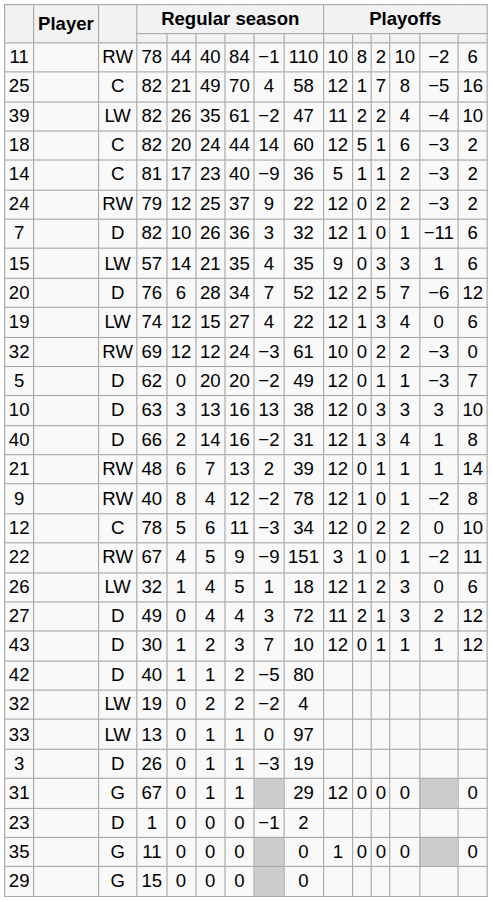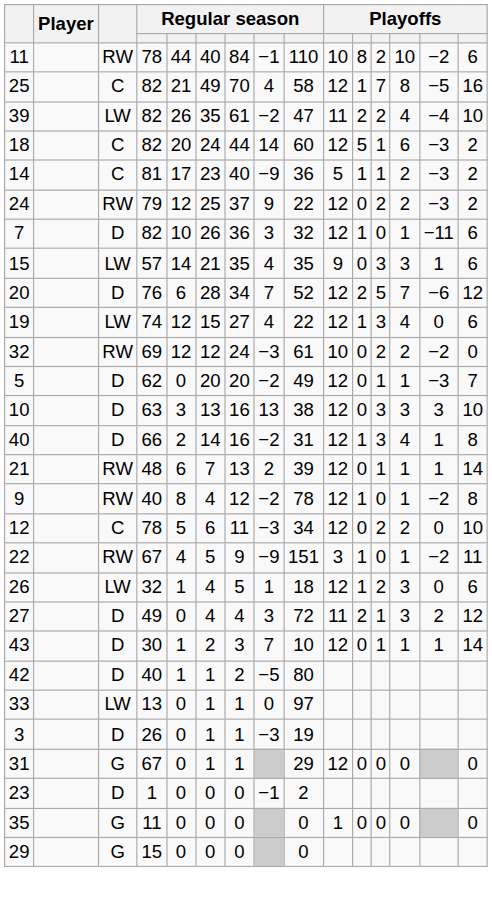 <table class="wikitable sortable plainrowheaders" style="text-align:center;">
 <tr>
 <th scope="col" data-sort-type="number" rowspan="2"></th>
 <th scope="col" rowspan="2">Player</th>
 <th scope="col" rowspan="2"></th>
 <th scope=colgroup colspan=6>Regular season</th>
 <th scope=colgroup colspan=6>Playoffs</th>
 </tr>
 <tr>
 <th scope="col" data-sort-type="number"></th>
 <th scope="col" data-sort-type="number"></th>
 <th scope="col" data-sort-type="number"></th>
 <th scope="col" data-sort-type="number"></th>
 <th scope="col" data-sort-type="number"></th>
 <th scope="col" data-sort-type="number"></th>
 <th scope="col" data-sort-type="number"></th>
 <th scope="col" data-sort-type="number"></th>
 <th scope="col" data-sort-type="number"></th>
 <th scope="col" data-sort-type="number"></th>
 <th scope="col" data-sort-type="number"></th>
 <th scope="col" data-sort-type="number"></th>
 </tr>
 <tr>
 <td scope="row">11</td>
 <td align="left"></td>
 <td>RW</td>
 <td>78</td>
 <td>44</td>
 <td>40</td>
 <td>84</td>
 <td>−1</td>
 <td>110</td>
 <td>10</td>
 <td>8</td>
 <td>2</td>
 <td>10</td>
 <td>−2</td>
 <td>6</td>
 </tr>
 <tr>
 <td scope="row">25</td>
 <td align="left"></td>
 <td>C</td>
 <td>82</td>
 <td>21</td>
 <td>49</td>
 <td>70</td>
 <td>4</td>
 <td>58</td>
 <td>12</td>
 <td>1</td>
 <td>7</td>
 <td>8</td>
 <td>−5</td>
 <td>16</td>
 </tr>
 <tr>
 <td scope="row">39</td>
 <td align="left"></td>
 <td>LW</td>
 <td>82</td>
 <td>26</td>
 <td>35</td>
 <td>61</td>
 <td>−2</td>
 <td>47</td>
 <td>11</td>
 <td>2</td>
 <td>2</td>
 <td>4</td>
 <td>−4</td>
 <td>10</td>
 </tr>
 <tr>
 <td scope="row">18</td>
 <td align="left"></td>
 <td>C</td>
 <td>82</td>
 <td>20</td>
 <td>24</td>
 <td>44</td>
 <td>14</td>
 <td>60</td>
 <td>12</td>
 <td>5</td>
 <td>1</td>
 <td>6</td>
 <td>−3</td>
 <td>2</td>
 </tr>
 <tr>
 <td scope="row">14</td>
 <td align="left"></td>
 <td>C</td>
 <td>81</td>
 <td>17</td>
 <td>23</td>
 <td>40</td>
 <td>−9</td>
 <td>36</td>
 <td>5</td>
 <td>1</td>
 <td>1</td>
 <td>2</td>
 <td>−3</td>
 <td>2</td>
 </tr>
 <tr>
 <td scope="row">24</td>
 <td align="left"></td>
 <td>RW</td>
 <td>79</td>
 <td>12</td>
 <td>25</td>
 <td>37</td>
 <td>9</td>
 <td>22</td>
 <td>12</td>
 <td>0</td>
 <td>2</td>
 <td>2</td>
 <td>−3</td>
 <td>2</td>
 </tr>
 <tr>
 <td scope="row">7</td>
 <td align="left"></td>
 <td>D</td>
 <td>82</td>
 <td>10</td>
 <td>26</td>
 <td>36</td>
 <td>3</td>
 <td>32</td>
 <td>12</td>
 <td>1</td>
 <td>0</td>
 <td>1</td>
 <td>−11</td>
 <td>6</td>
 </tr>
 <tr>
 <td scope="row">15</td>
 <td align="left"></td>
 <td>LW</td>
 <td>57</td>
 <td>14</td>
 <td>21</td>
 <td>35</td>
 <td>4</td>
 <td>35</td>
 <td>9</td>
 <td>0</td>
 <td>3</td>
 <td>3</td>
 <td>1</td>
 <td>6</td>
 </tr>
 <tr>
 <td scope="row">20</td>
 <td align="left"></td>
 <td>D</td>
 <td>76</td>
 <td>6</td>
 <td>28</td>
 <td>34</td>
 <td>7</td>
 <td>52</td>
 <td>12</td>
 <td>2</td>
 <td>5</td>
 <td>7</td>
 <td>−6</td>
 <td>12</td>
 </tr>
 <tr>
 <td scope="row">19</td>
 <td align="left"></td>
 <td>LW</td>
 <td>74</td>
 <td>12</td>
 <td>15</td>
 <td>27</td>
 <td>4</td>
 <td>22</td>
 <td>12</td>
 <td>1</td>
 <td>3</td>
 <td>4</td>
 <td>0</td>
 <td>6</td>
 </tr>
 <tr>
 <td scope="row">32</td>
 <td align="left"></td>
 <td>RW</td>
 <td>69</td>
 <td>12</td>
 <td>12</td>
 <td>24</td>
 <td>−3</td>
 <td>61</td>
 <td>10</td>
 <td>0</td>
 <td>2</td>
 <td>2</td>
-<td>−3</td>
+<td>−2</td>
 <td>0</td>
 </tr>
 <tr>
 <td scope="row">5</td>
 <td align="left"></td>
 <td>D</td>
 <td>62</td>
 <td>0</td>
 <td>20</td>
 <td>20</td>
 <td>−2</td>
 <td>49</td>
 <td>12</td>
 <td>0</td>
 <td>1</td>
 <td>1</td>
 <td>−3</td>
 <td>7</td>
 </tr>
 <tr>
 <td scope="row">10</td>
 <td align="left"></td>
 <td>D</td>
 <td>63</td>
 <td>3</td>
 <td>13</td>
 <td>16</td>
 <td>13</td>
 <td>38</td>
 <td>12</td>
 <td>0</td>
 <td>3</td>
 <td>3</td>
 <td>3</td>
 <td>10</td>
 </tr>
 <tr>
 <td scope="row">40</td>
 <td align="left"></td>
 <td>D</td>
 <td>66</td>
 <td>2</td>
 <td>14</td>
 <td>16</td>
 <td>−2</td>
 <td>31</td>
 <td>12</td>
 <td>1</td>
 <td>3</td>
 <td>4</td>
 <td>1</td>
 <td>8</td>
 </tr>
 <tr>
 <td scope="row">21</td>
 <td align="left"></td>
 <td>RW</td>
 <td>48</td>
 <td>6</td>
 <td>7</td>
 <td>13</td>
 <td>2</td>
 <td>39</td>
 <td>12</td>
 <td>0</td>
 <td>1</td>
 <td>1</td>
 <td>1</td>
 <td>14</td>
 </tr>
 <tr>
 <td scope="row">9</td>
 <td align="left"></td>
 <td>RW</td>
 <td>40</td>
 <td>8</td>
 <td>4</td>
 <td>12</td>
 <td>−2</td>
 <td>78</td>
 <td>12</td>
 <td>1</td>
 <td>0</td>
 <td>1</td>
 <td>−2</td>
 <td>8</td>
 </tr>
 <tr>
 <td scope="row">12</td>
 <td align="left"></td>
 <td>C</td>
 <td>78</td>
 <td>5</td>
 <td>6</td>
 <td>11</td>
 <td>−3</td>
 <td>34</td>
 <td>12</td>
 <td>0</td>
 <td>2</td>
 <td>2</td>
 <td>0</td>
 <td>10</td>
 </tr>
 <tr>
 <td scope="row">22</td>
 <td align="left"></td>
 <td>RW</td>
 <td>67</td>
 <td>4</td>
 <td>5</td>
 <td>9</td>
 <td>−9</td>
 <td>151</td>
 <td>3</td>
 <td>1</td>
 <td>0</td>
 <td>1</td>
 <td>−2</td>
 <td>11</td>
 </tr>
 <tr>
 <td scope="row">26</td>
 <td align="left"></td>
 <td>LW</td>
 <td>32</td>
 <td>1</td>
 <td>4</td>
 <td>5</td>
 <td>1</td>
 <td>18</td>
 <td>12</td>
 <td>1</td>
 <td>2</td>
 <td>3</td>
 <td>0</td>
 <td>6</td>
 </tr>
 <tr>
 <td scope="row">27</td>
 <td align="left"></td>
 <td>D</td>
 <td>49</td>
 <td>0</td>
 <td>4</td>
 <td>4</td>
 <td>3</td>
 <td>72</td>
 <td>11</td>
 <td>2</td>
 <td>1</td>
 <td>3</td>
 <td>2</td>
 <td>12</td>
 </tr>
 <tr>
 <td scope="row">43</td>
 <td align="left"></td>
 <td>D</td>
 <td>30</td>
 <td>1</td>
 <td>2</td>
 <td>3</td>
 <td>7</td>
 <td>10</td>
 <td>12</td>
 <td>0</td>
 <td>1</td>
 <td>1</td>
 <td>1</td>
-<td>12</td>
+<td>14</td>
 </tr>
 <tr>
 <td scope="row">42</td>
 <td align="left"></td>
 <td>D</td>
 <td>40</td>
 <td>1</td>
 <td>1</td>
 <td>2</td>
 <td>−5</td>
 <td>80</td>
-<td></td>
-<td></td>
-<td></td>
-<td></td>
-<td></td>
-<td></td>
-</tr>
-<tr>
-<td scope="row">32</td>
-<td align="left"></td>
-<td>LW</td>
-<td>19</td>
-<td>0</td>
-<td>2</td>
-<td>2</td>
-<td>−2</td>
-<td>4</td>
 <td></td>
 <td></td>
 <td></td>
 <td></td>
 <td></td>
 <td></td>
 </tr>
 <tr>
 <td scope="row">33</td>
 <td align="left"></td>
 <td>LW</td>
 <td>13</td>
 <td>0</td>
 <td>1</td>
 <td>1</td>
 <td>0</td>
 <td>97</td>
 <td></td>
 <td></td>
 <td></td>
 <td></td>
 <td></td>
 <td></td>
 </tr>
 <tr>
 <td scope="row">3</td>
 <td align="left"></td>
 <td>D</td>
 <td>26</td>
 <td>0</td>
 <td>1</td>
 <td>1</td>
 <td>−3</td>
 <td>19</td>
 <td></td>
 <td></td>
 <td></td>
 <td></td>
 <td></td>
 <td></td>
 </tr>
 <tr>
 <td scope="row">31</td>
 <td align="left"></td>
 <td>G</td>
 <td>67</td>
 <td>0</td>
 <td>1</td>
 <td>1</td>
 <td style="background:#ccc"></td>
 <td>29</td>
 <td>12</td>
 <td>0</td>
 <td>0</td>
 <td>0</td>
 <td style="background:#ccc"></td>
 <td>0</td>
 </tr>
 <tr>
 <td scope="row">23</td>
 <td align="left"></td>
 <td>D</td>
 <td>1</td>
 <td>0</td>
 <td>0</td>
 <td>0</td>
 <td>−1</td>
 <td>2</td>
 <td></td>
 <td></td>
 <td></td>
 <td></td>
 <td></td>
 <td></td>
 </tr>
 <tr>
 <td scope="row">35</td>
 <td align="left"></td>
 <td>G</td>
 <td>11</td>
 <td>0</td>
 <td>0</td>
 <td>0</td>
 <td style="background:#ccc"></td>
 <td>0</td>
 <td>1</td>
 <td>0</td>
 <td>0</td>
 <td>0</td>
 <td style="background:#ccc"></td>
 <td>0</td>
 </tr>
 <tr>
 <td scope="row">29</td>
 <td align="left"></td>
 <td>G</td>
 <td>15</td>
 <td>0</td>
 <td>0</td>
 <td>0</td>
 <td style="background:#ccc"></td>
 <td>0</td>
 <td></td>
 <td></td>
 <td></td>
 <td></td>
 <td></td>
 <td></td>
 </tr>
 </table>
